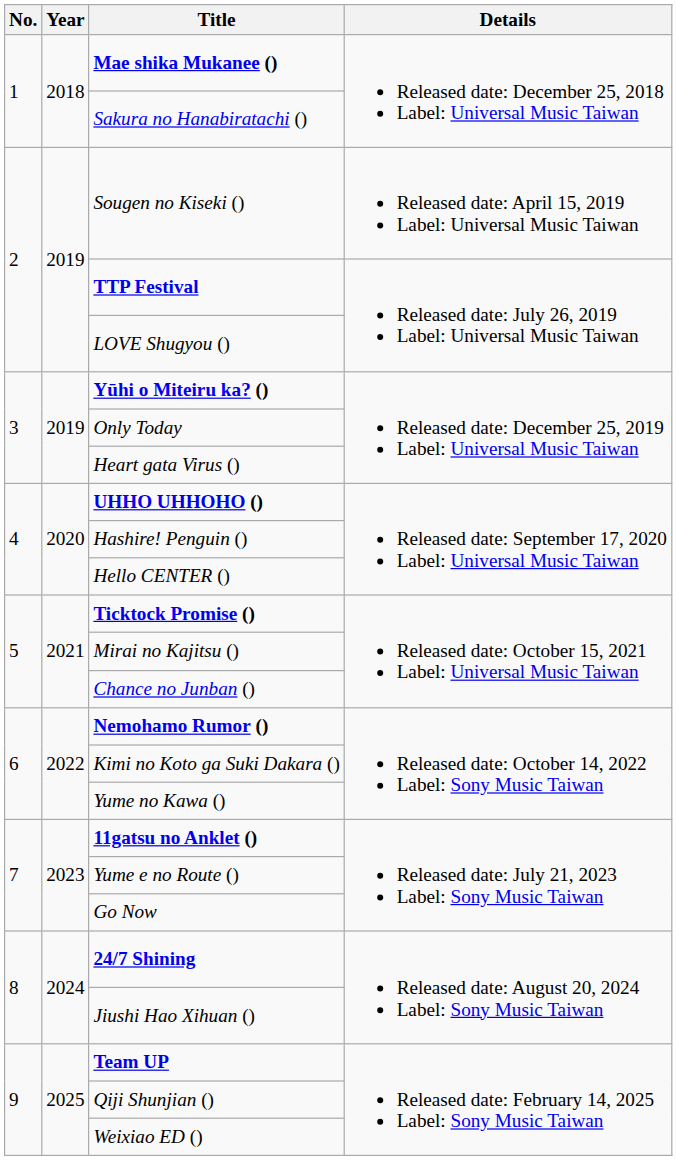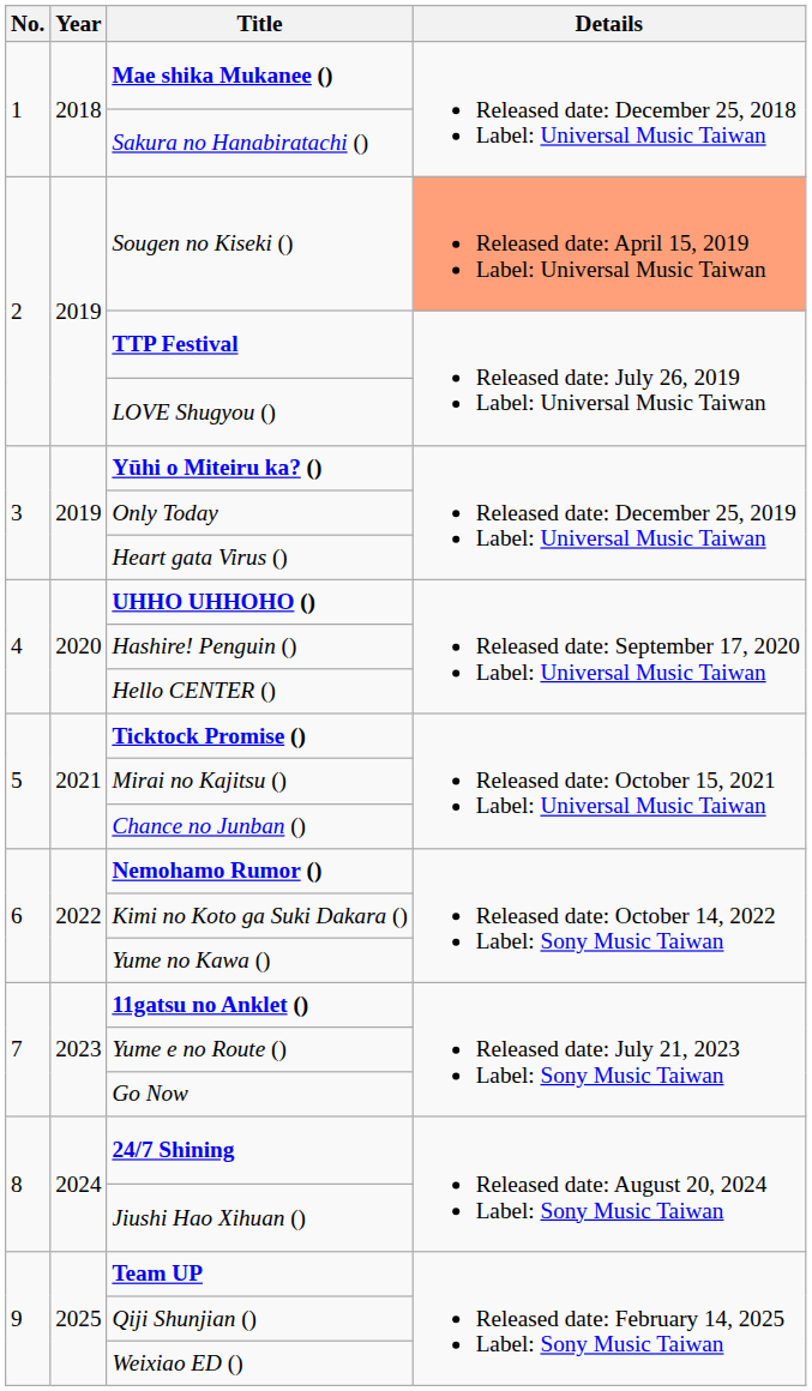 <table class="wikitable">
 <tr>
 <th>No.</th>
 <th>Year</th>
 <th>Title</th>
 <th><strong>Details</strong></th>
 </tr>
 <tr>
 <td rowspan="2">1</td>
 <td rowspan="2">2018</td>
 <td><strong><a href='#'>Mae shika Mukanee</a></strong> <strong> ()</strong></td>
 <td rowspan="2"><br><ul><li>Released date: December 25, 2018</li><li>Label: <a href='#'>Universal Music Taiwan</a></li></ul></td>
 </tr>
 <tr>
 <td><em><a href='#'>Sakura no Hanabiratachi</a></em> ()</td>
 </tr>
 <tr>
 <td rowspan="3">2</td>
 <td rowspan="3">2019</td>
 <td><em>Sougen no Kiseki</em> ()</td>
-<td><br><ul><li>Released date: April 15, 2019</li><li>Label: Universal Music Taiwan</li></ul></td>
+<td style="background: lightsalmon;"><br><ul><li>Released date: April 15, 2019</li><li>Label: Universal Music Taiwan</li></ul></td>
 </tr>
 <tr>
 <td><strong><a href='#'>TTP Festival</a></strong></td>
 <td rowspan="2"><br><ul><li>Released date: July 26, 2019</li><li>Label: Universal Music Taiwan</li></ul></td>
 </tr>
 <tr>
 <td><em>LOVE Shugyou</em> ()</td>
 </tr>
 <tr>
 <td rowspan="3">3</td>
 <td rowspan="3">2019</td>
 <td><strong><a href='#'>Yūhi o Miteiru ka?</a></strong> <strong> ()</strong></td>
 <td rowspan="3"><br><ul><li>Released date: December 25, 2019</li><li>Label: <a href='#'>Universal Music Taiwan</a></li></ul></td>
 </tr>
 <tr>
 <td><em>Only Today</em></td>
 </tr>
 <tr>
 <td><em>Heart gata Virus</em> ()</td>
 </tr>
 <tr>
 <td rowspan="3">4</td>
 <td rowspan="3">2020</td>
 <td><strong><a href='#'>UHHO UHHOHO</a></strong> <strong> ()</strong></td>
 <td rowspan="3"><br><ul><li>Released date: September 17, 2020</li><li>Label: <a href='#'>Universal Music Taiwan</a></li></ul></td>
 </tr>
 <tr>
 <td><em>Hashire! Penguin</em> ()</td>
 </tr>
 <tr>
 <td><em>Hello CENTER</em> ()</td>
 </tr>
 <tr>
 <td rowspan="3">5</td>
 <td rowspan="3">2021</td>
 <td><strong><a href='#'>Ticktock Promise</a></strong> <strong> ()</strong></td>
 <td rowspan="3"><br><ul><li>Released date: October 15, 2021</li><li>Label: <a href='#'>Universal Music Taiwan</a></li></ul></td>
 </tr>
 <tr>
 <td><em>Mirai no Kajitsu</em> ()</td>
 </tr>
 <tr>
 <td><em><a href='#'>Chance no Junban</a></em> ()</td>
 </tr>
 <tr>
 <td rowspan="3">6</td>
 <td rowspan="3">2022</td>
 <td><strong><a href='#'>Nemohamo Rumor</a></strong> <strong> ()</strong></td>
 <td rowspan="3"><br><ul><li>Released date: October 14, 2022</li><li>Label: <a href='#'>Sony Music Taiwan</a></li></ul></td>
 </tr>
 <tr>
 <td><em>Kimi no Koto ga Suki Dakara</em> ()</td>
 </tr>
 <tr>
 <td><em>Yume no Kawa</em> ()</td>
 </tr>
 <tr>
 <td rowspan="3">7</td>
 <td rowspan="3">2023</td>
 <td><strong><a href='#'>11gatsu no Anklet</a></strong> <strong> ()</strong></td>
 <td rowspan="3"><br><ul><li>Released date: July 21, 2023</li><li>Label: <a href='#'>Sony Music Taiwan</a></li></ul></td>
 </tr>
 <tr>
 <td><em>Yume e no Route</em> ()</td>
 </tr>
 <tr>
 <td><em>Go Now</em></td>
 </tr>
 <tr>
 <td rowspan="2">8</td>
 <td rowspan="2">2024</td>
 <td><strong><a href='#'>24/7 Shining</a></strong></td>
 <td rowspan="2"><br><ul><li>Released date: August 20, 2024</li><li>Label: <a href='#'>Sony Music Taiwan</a></li></ul></td>
 </tr>
 <tr>
 <td><em>Jiushi Hao Xihuan</em> ()</td>
 </tr>
 <tr>
 <td rowspan="3">9</td>
 <td rowspan="3">2025</td>
 <td><strong><a href='#'>Team UP</a></strong></td>
 <td rowspan="3"><br><ul><li>Released date: February 14, 2025</li><li>Label: <a href='#'>Sony Music Taiwan</a></li></ul></td>
 </tr>
 <tr>
 <td><em>Qiji Shunjian</em> ()</td>
 </tr>
 <tr>
 <td><em>Weixiao ED</em> ()</td>
 </tr>
 </table>
